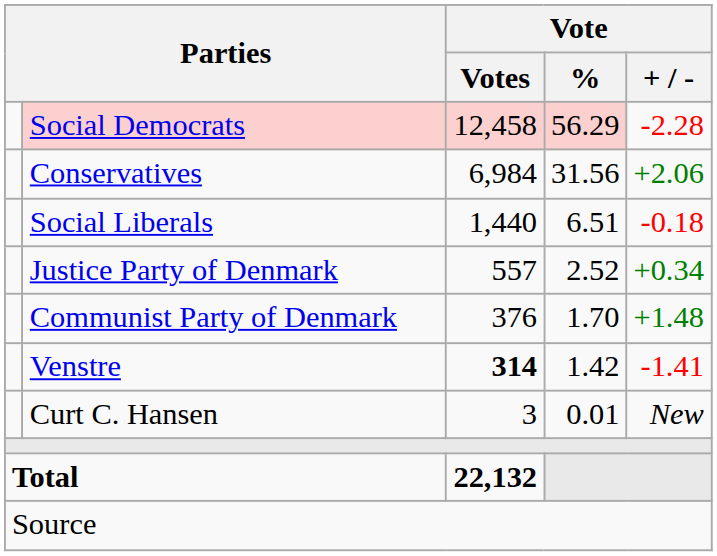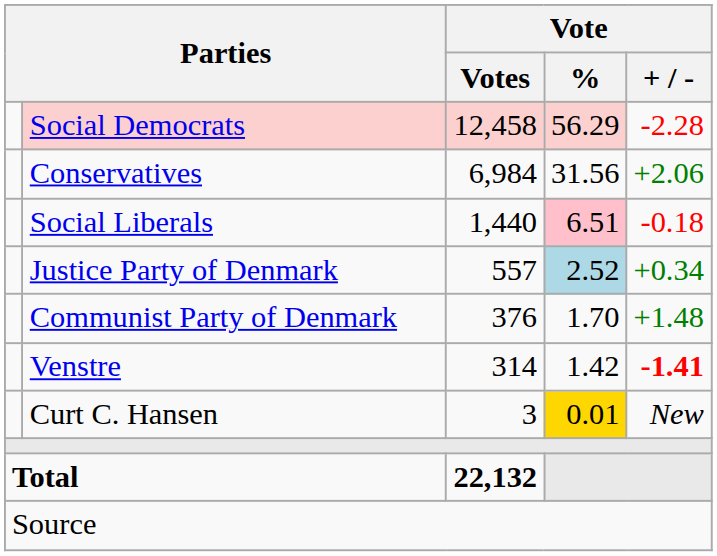 <table class="wikitable" style="text-align:right;">
 <tr>
 <th style="text-align:centre;" rowspan="2" colspan="2" width="225">Parties</th>
 <th colspan="3">Vote</th>
 </tr>
 <tr>
 <th width="15">Votes</th>
 <th width="15">%</th>
 <th width="15">+ / -</th>
 </tr>
 <tr>
 <td width="2" style="color:inherit;background:"></td>
 <td bgcolor=#fbd0ce  align="left"><a href='#'>Social Democrats</a></td>
 <td bgcolor=#fbd0ce>12,458</td>
 <td bgcolor=#fbd0ce>56.29</td>
 <td style=color:red;>-2.28</td>
 </tr>
 <tr>
 <td width="2" style="color:inherit;background:"></td>
 <td align="left"><a href='#'>Conservatives</a></td>
 <td>6,984</td>
 <td>31.56</td>
 <td style=color:green;>+2.06</td>
 </tr>
 <tr>
 <td width="2" style="color:inherit;background:"></td>
 <td align="left"><a href='#'>Social Liberals</a></td>
 <td>1,440</td>
-<td>6.51</td>
+<td style="background: pink;">6.51</td>
 <td style=color:red;>-0.18</td>
 </tr>
 <tr>
 <td width="2" style="color:inherit;background:"></td>
 <td align="left"><a href='#'>Justice Party of Denmark</a></td>
 <td>557</td>
-<td>2.52</td>
+<td style="background: lightblue;">2.52</td>
 <td style=color:green;>+0.34</td>
 </tr>
 <tr>
 <td width="2" style="color:inherit;background:"></td>
 <td align="left"><a href='#'>Communist Party of Denmark</a></td>
 <td>376</td>
 <td>1.70</td>
 <td style=color:green;>+1.48</td>
 </tr>
 <tr>
 <td width="2" style="color:inherit;background:"></td>
 <td align="left"><a href='#'>Venstre</a></td>
-<td><strong>314</strong></td>
+<td>314</td>
 <td>1.42</td>
-<td style=color:red;>-1.41</td>
+<td style=color:red;><strong>-1.41</strong></td>
 </tr>
 <tr>
 <td width="2" style="color:inherit;background:"></td>
 <td align="left">Curt C. Hansen</td>
 <td>3</td>
-<td>0.01</td>
+<td style="background: gold;">0.01</td>
 <td><em>New</em></td>
 </tr>
 <tr>
 <td colspan="7" bgcolor="#E9E9E9"></td>
 </tr>
 <tr>
 <td align="left" colspan="2"><strong>Total</strong></td>
 <td><strong>22,132</strong></td>
 <td bgcolor="#E9E9E9" colspan="2"></td>
 </tr>
 <tr>
 <td align="left" colspan="6">Source</td>
 </tr>
 </table>
